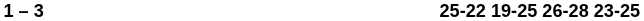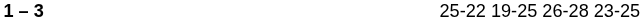 <table width=100% cellspacing=1>
 <tr>
 <th width=20%></th>
 <th width=12%></th>
 <th width=20%></th>
 <th width=33%></th>
 <td></td>
 </tr>
 <tr style=font-size:90%>
 <td align=right></td>
 <td align=center><strong>1 – 3</strong></td>
 <td></td>
-<td><strong>25-22 19-25 26-28 23-25</strong></td>
+<td>25-22 19-25 26-28 23-25</td>
 </tr>
 </table>
